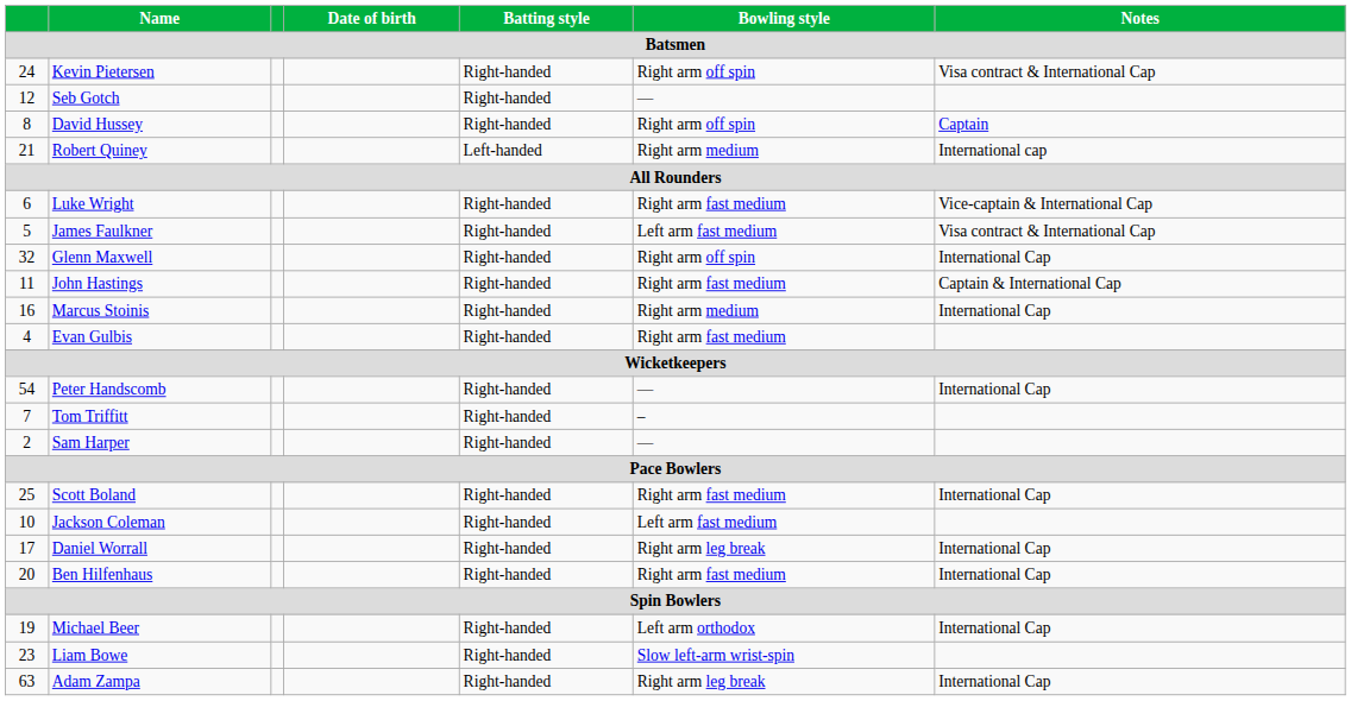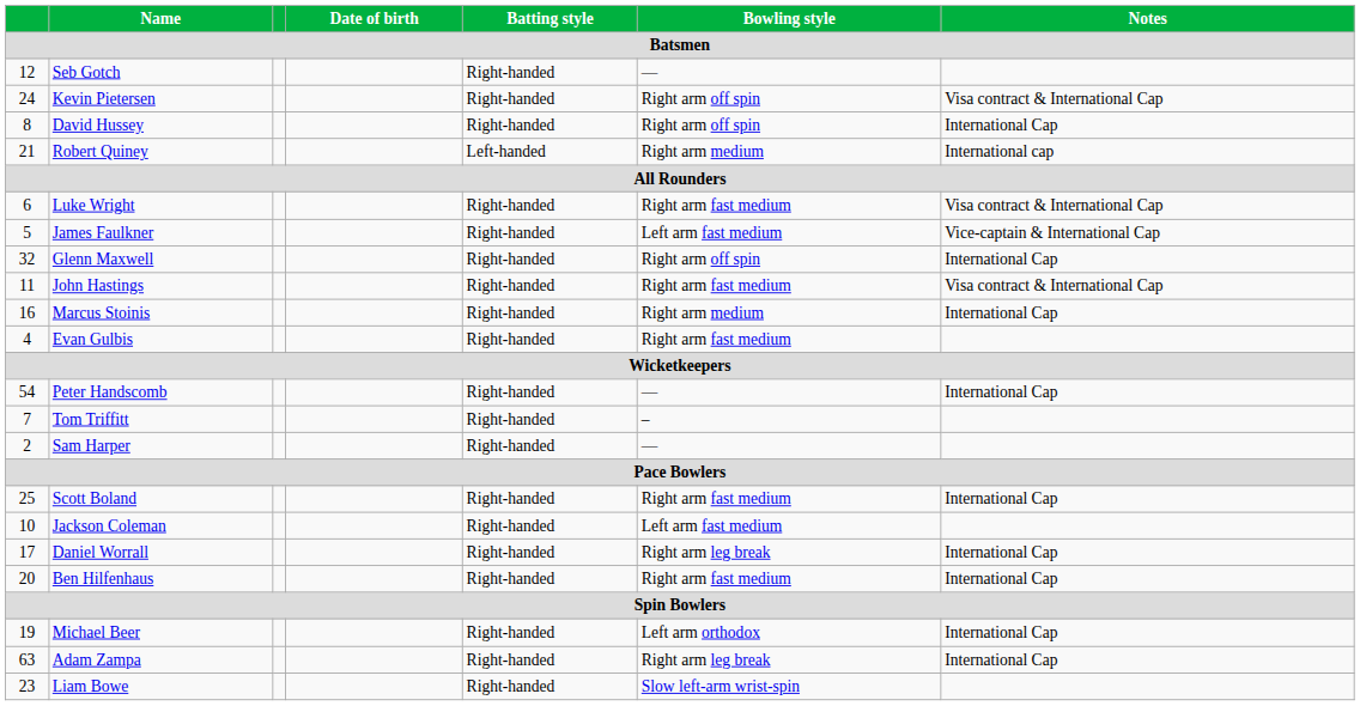 <table class="wikitable" style="font-size:95%;" width="80%">
 <tr>
 <th style="background:#00B13F; color:white"></th>
 <th style="background:#00B13F; color:white">Name</th>
 <th style="background:#00B13F; color:white"></th>
 <th style="background:#00B13F; color:white">Date of birth</th>
 <th style="background:#00B13F; color:white">Batting style</th>
 <th style="background:#00B13F; color:white">Bowling style</th>
 <th style="background:#00B13F; color:white">Notes</th>
 </tr>
 <tr>
 <th colspan="7"  style="background:#dcdcdc; text-align:center;">Batsmen</th>
 </tr>
 <tr>
+<td style="text-align:center">12</td>
+<td><a href='#'>Seb Gotch</a></td>
+<td style="text-align:center"></td>
+<td></td>
+<td>Right-handed</td>
+<td>—</td>
+<td></td>
+</tr>
+<tr>
 <td style="text-align:center">24</td>
 <td><a href='#'>Kevin Pietersen</a></td>
 <td style="text-align:center"></td>
 <td></td>
 <td>Right-handed</td>
 <td>Right arm <a href='#'>off spin</a></td>
 <td>Visa contract & International Cap</td>
 </tr>
 <tr>
-<td style="text-align:center">12</td>
-<td><a href='#'>Seb Gotch</a></td>
-<td style="text-align:center"></td>
-<td></td>
-<td>Right-handed</td>
-<td>—</td>
-<td></td>
-</tr>
-<tr>
 <td style="text-align:center">8</td>
 <td><a href='#'>David Hussey</a></td>
 <td style="text-align:center"></td>
 <td></td>
 <td>Right-handed</td>
 <td>Right arm <a href='#'>off spin</a></td>
-<td><a href='#'>Captain</a></td>
+<td>International Cap</td>
 </tr>
 <tr>
 <td style="text-align:center">21</td>
 <td><a href='#'>Robert Quiney</a></td>
 <td style="text-align:center"></td>
 <td></td>
 <td>Left-handed</td>
 <td>Right arm <a href='#'>medium</a></td>
 <td>International cap</td>
 </tr>
 <tr>
 <th colspan="7"  style="background:#dcdcdc; text-align:center;">All Rounders</th>
 </tr>
 <tr>
 <td style="text-align:center">6</td>
 <td><a href='#'>Luke Wright</a></td>
 <td style="text-align:center"></td>
 <td></td>
 <td>Right-handed</td>
 <td>Right arm <a href='#'>fast medium</a></td>
-<td>Vice-captain & International Cap</td>
+<td>Visa contract & International Cap</td>
 </tr>
 <tr>
 <td style="text-align:center">5</td>
 <td><a href='#'>James Faulkner</a></td>
 <td style="text-align:center"></td>
 <td></td>
 <td>Right-handed</td>
 <td>Left arm <a href='#'>fast medium</a></td>
-<td>Visa contract & International Cap</td>
+<td>Vice-captain & International Cap</td>
 </tr>
 <tr>
 <td style="text-align:center">32</td>
 <td><a href='#'>Glenn Maxwell</a></td>
 <td style="text-align:center"></td>
 <td></td>
 <td>Right-handed</td>
 <td>Right arm <a href='#'>off spin</a></td>
 <td>International Cap</td>
 </tr>
 <tr>
 <td style="text-align:center">11</td>
 <td><a href='#'>John Hastings</a></td>
 <td style="text-align:center"></td>
 <td></td>
 <td>Right-handed</td>
 <td>Right arm <a href='#'>fast medium</a></td>
-<td>Captain & International Cap</td>
+<td>Visa contract & International Cap</td>
 </tr>
 <tr>
 <td style="text-align:center">16</td>
 <td><a href='#'>Marcus Stoinis</a></td>
 <td style="text-align:center"></td>
 <td></td>
 <td>Right-handed</td>
 <td>Right arm <a href='#'>medium</a></td>
 <td>International Cap</td>
 </tr>
 <tr>
 <td style="text-align:center">4</td>
 <td><a href='#'>Evan Gulbis</a></td>
 <td style="text-align:center"></td>
 <td></td>
 <td>Right-handed</td>
 <td>Right arm <a href='#'>fast medium</a></td>
 <td></td>
 </tr>
 <tr ->
 <th colspan="7"  style="background:#dcdcdc; text-align:center;">Wicketkeepers</th>
 </tr>
 <tr>
 <td style="text-align:center">54</td>
 <td><a href='#'>Peter Handscomb</a></td>
 <td style="text-align:center"></td>
 <td></td>
 <td>Right-handed</td>
 <td>—</td>
 <td>International Cap</td>
 </tr>
 <tr>
 <td style="text-align:center">7</td>
 <td><a href='#'>Tom Triffitt</a></td>
 <td style="text-align:center"></td>
 <td></td>
 <td>Right-handed</td>
 <td>–</td>
 <td></td>
 </tr>
 <tr>
 <td style="text-align:center">2</td>
 <td><a href='#'>Sam Harper</a></td>
 <td style="text-align:center"></td>
 <td></td>
 <td>Right-handed</td>
 <td>—</td>
 <td></td>
 </tr>
 <tr>
 <th colspan="7"  style="background:#dcdcdc; text-align:center;">Pace Bowlers</th>
 </tr>
 <tr>
 <td style="text-align:center">25</td>
 <td><a href='#'>Scott Boland</a></td>
 <td style="text-align:center"></td>
 <td></td>
 <td>Right-handed</td>
 <td>Right arm <a href='#'>fast medium</a></td>
 <td>International Cap</td>
 </tr>
 <tr>
 <td style="text-align:center">10</td>
 <td><a href='#'>Jackson Coleman</a></td>
 <td style="text-align:center"></td>
 <td></td>
 <td>Right-handed</td>
 <td>Left arm <a href='#'>fast medium</a></td>
 <td></td>
 </tr>
 <tr>
 <td style="text-align:center">17</td>
 <td><a href='#'>Daniel Worrall</a></td>
 <td style="text-align:center"></td>
 <td></td>
 <td>Right-handed</td>
 <td>Right arm <a href='#'>leg break</a></td>
 <td>International Cap</td>
 </tr>
 <tr>
 <td style="text-align:center">20</td>
 <td><a href='#'>Ben Hilfenhaus</a></td>
 <td style="text-align:center"></td>
 <td></td>
 <td>Right-handed</td>
 <td>Right arm <a href='#'>fast medium</a></td>
 <td>International Cap</td>
 </tr>
 <tr>
 <th colspan="7"  style="background:#dcdcdc; text-align:center;">Spin Bowlers</th>
 </tr>
 <tr>
 <td style="text-align:center">19</td>
 <td><a href='#'>Michael Beer</a></td>
 <td style="text-align:center"></td>
 <td></td>
 <td>Right-handed</td>
 <td>Left arm <a href='#'>orthodox</a></td>
 <td>International Cap</td>
 </tr>
 <tr>
+<td style="text-align:center">63</td>
+<td><a href='#'>Adam Zampa</a></td>
+<td style="text-align:center"></td>
+<td></td>
+<td>Right-handed</td>
+<td>Right arm <a href='#'>leg break</a></td>
+<td>International Cap</td>
+</tr>
+<tr>
 <td style="text-align:center">23</td>
 <td><a href='#'>Liam Bowe</a></td>
 <td style="text-align:center"></td>
 <td></td>
 <td>Right-handed</td>
 <td><a href='#'>Slow left-arm wrist-spin</a></td>
 <td></td>
 </tr>
-<tr>
-<td style="text-align:center">63</td>
-<td><a href='#'>Adam Zampa</a></td>
-<td style="text-align:center"></td>
-<td></td>
-<td>Right-handed</td>
-<td>Right arm <a href='#'>leg break</a></td>
-<td>International Cap</td>
-</tr>
 </table>
